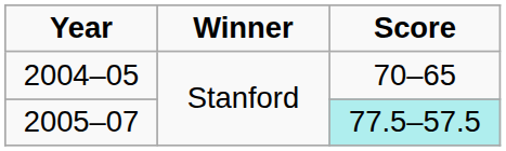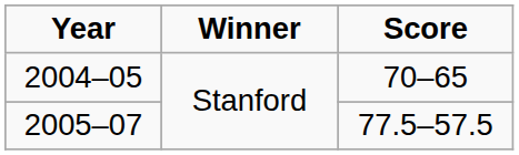 <table class="wikitable" style="text-align:center">
 <tr>
 <td height=17 width=64 style='height:12.75pt;width:56pt'><strong>Year</strong></td>
 <td width=68 style='width:64pt'><strong>Winner</strong></td>
 <td width=68 style='width:64pt'><strong>Score</strong></td>
 </tr>
 <tr>
 <td>2004–05</td>
 <td rowspan="3">Stanford</td>
 <td>70–65</td>
 </tr>
 <tr>
 <td>2005–07</td>
-<td style="background: paleturquoise;">77.5–57.5</td>
+<td>77.5–57.5</td>
 </tr>
 </table>
